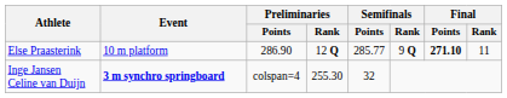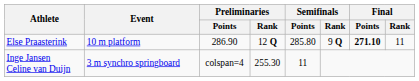 <table class="wikitable" style="text-align:center; font-size:90%; width:50%;">
 <tr>
 <th rowspan=2>Athlete</th>
 <th rowspan=2>Event</th>
 <th colspan=2>Preliminaries</th>
 <th colspan=2>Semifinals</th>
 <th colspan=2>Final</th>
 </tr>
 <tr style="font-size:95%">
 <th>Points</th>
 <th>Rank</th>
 <th>Points</th>
 <th>Rank</th>
 <th>Points</th>
 <th>Rank</th>
 </tr>
 <tr>
 <td align=left><a href='#'>Else Praasterink</a></td>
 <td align=left><a href='#'>10 m platform</a></td>
 <td>286.90</td>
 <td>12 <strong>Q</strong></td>
-<td>285.77</td>
+<td>285.80</td>
 <td>9 <strong>Q</strong></td>
 <td><strong>271.10</strong></td>
 <td>11</td>
 </tr>
 <tr>
 <td align=left><a href='#'>Inge Jansen</a><br> <a href='#'>Celine van Duijn</a></td>
-<td align=left><strong><a href='#'>3 m synchro springboard</a></strong></td>
+<td align=left><a href='#'>3 m synchro springboard</a></td>
 <td>colspan=4 </td>
 <td>255.30</td>
-<td>32</td>
+<td>11</td>
 </tr>
 </table>
